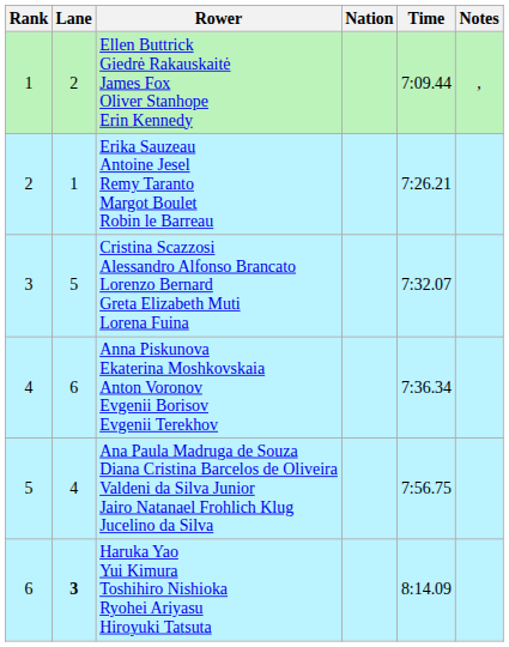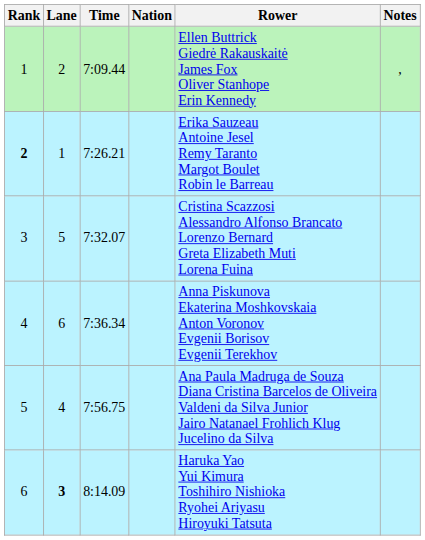 <table class="wikitable sortable" style="text-align:center">
 <tr>
 <th>Rank</th>
 <th>Lane</th>
+<th>Time</th>
+<th>Nation</th>
 <th>Rower</th>
-<th>Nation</th>
-<th>Time</th>
 <th>Notes</th>
 </tr>
 <tr bgcolor=bbf3bb>
 <td>1</td>
 <td>2</td>
+<td>7:09.44</td>
+<td align="left"></td>
 <td align="left"><a href='#'>Ellen Buttrick</a><br><a href='#'>Giedrė Rakauskaitė</a><br><a href='#'>James Fox</a><br><a href='#'>Oliver Stanhope</a><br><a href='#'>Erin Kennedy</a></td>
-<td align="left"></td>
-<td>7:09.44</td>
 <td>, </td>
 </tr>
 <tr bgcolor=bbf3ff>
-<td>2</td>
+<td><strong>2</strong></td>
 <td>1</td>
+<td>7:26.21</td>
+<td align="left"></td>
 <td align="left"><a href='#'>Erika Sauzeau</a><br><a href='#'>Antoine Jesel</a><br><a href='#'>Remy Taranto</a><br><a href='#'>Margot Boulet</a><br><a href='#'>Robin le Barreau</a></td>
-<td align="left"></td>
-<td>7:26.21</td>
 <td></td>
 </tr>
 <tr bgcolor=bbf3ff>
 <td>3</td>
 <td>5</td>
+<td>7:32.07</td>
+<td align="left"></td>
 <td align="left"><a href='#'>Cristina Scazzosi</a><br><a href='#'>Alessandro Alfonso Brancato</a><br><a href='#'>Lorenzo Bernard</a><br><a href='#'>Greta Elizabeth Muti</a><br><a href='#'>Lorena Fuina</a></td>
-<td align="left"></td>
-<td>7:32.07</td>
 <td></td>
 </tr>
 <tr bgcolor=bbf3ff>
 <td>4</td>
 <td>6</td>
+<td>7:36.34</td>
+<td align="left"></td>
 <td align="left"><a href='#'>Anna Piskunova</a><br><a href='#'>Ekaterina Moshkovskaia</a><br><a href='#'>Anton Voronov</a><br><a href='#'>Evgenii Borisov</a><br><a href='#'>Evgenii Terekhov</a></td>
-<td align="left"></td>
-<td>7:36.34</td>
 <td></td>
 </tr>
 <tr bgcolor=bbf3ff>
 <td>5</td>
 <td>4</td>
+<td>7:56.75</td>
+<td align="left"></td>
 <td align="left"><a href='#'>Ana Paula Madruga de Souza</a><br><a href='#'>Diana Cristina Barcelos de Oliveira</a><br><a href='#'>Valdeni da Silva Junior</a><br><a href='#'>Jairo Natanael Frohlich Klug</a><br><a href='#'>Jucelino da Silva</a></td>
-<td align="left"></td>
-<td>7:56.75</td>
 <td></td>
 </tr>
 <tr bgcolor=bbf3ff>
 <td>6</td>
 <td><strong>3</strong></td>
+<td>8:14.09</td>
+<td align="left"></td>
 <td align="left"><a href='#'>Haruka Yao</a><br><a href='#'>Yui Kimura</a><br><a href='#'>Toshihiro Nishioka</a><br><a href='#'>Ryohei Ariyasu</a><br><a href='#'>Hiroyuki Tatsuta</a></td>
-<td align="left"></td>
-<td>8:14.09</td>
 <td></td>
 </tr>
 </table>
